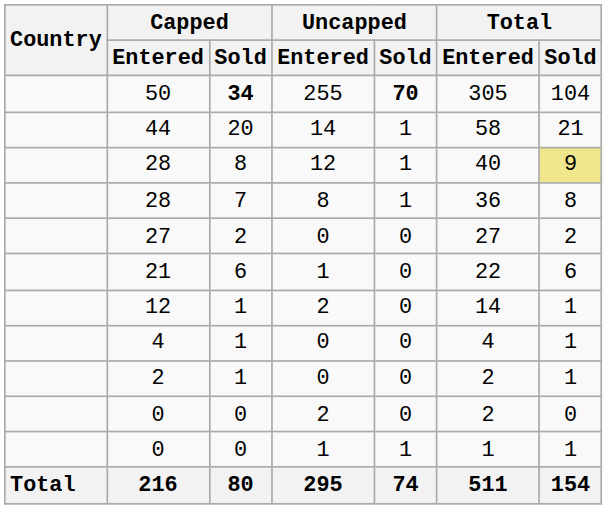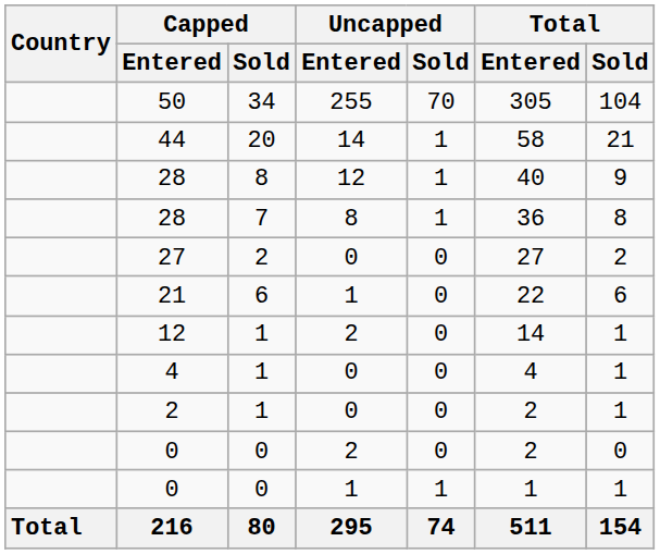 <table class="wikitable" style="text-align:center">
 <tr>
 <th rowspan="2">Country</th>
 <th colspan="2">Capped</th>
 <th colspan="2">Uncapped</th>
 <th colspan="2">Total</th>
 </tr>
 <tr>
 <th>Entered</th>
 <th>Sold</th>
 <th>Entered</th>
 <th>Sold</th>
 <th>Entered</th>
 <th>Sold</th>
 </tr>
 <tr>
 <td style="text-align:left"></td>
 <td>50</td>
-<td><strong>34</strong></td>
+<td>34</td>
 <td>255</td>
-<td><strong>70</strong></td>
+<td>70</td>
 <td>305</td>
 <td>104</td>
 </tr>
 <tr>
 <td style="text-align:left"></td>
 <td>44</td>
 <td>20</td>
 <td>14</td>
 <td>1</td>
 <td>58</td>
 <td>21</td>
 </tr>
 <tr>
 <td style="text-align:left"></td>
 <td>28</td>
 <td>8</td>
 <td>12</td>
 <td>1</td>
 <td>40</td>
-<td style="background: khaki;">9</td>
+<td>9</td>
 </tr>
 <tr>
 <td style="text-align:left"></td>
 <td>28</td>
 <td>7</td>
 <td>8</td>
 <td>1</td>
 <td>36</td>
 <td>8</td>
 </tr>
 <tr>
 <td style="text-align:left"></td>
 <td>27</td>
 <td>2</td>
 <td>0</td>
 <td>0</td>
 <td>27</td>
 <td>2</td>
 </tr>
 <tr>
 <td style="text-align:left"></td>
 <td>21</td>
 <td>6</td>
 <td>1</td>
 <td>0</td>
 <td>22</td>
 <td>6</td>
 </tr>
 <tr>
 <td style="text-align:left"></td>
 <td>12</td>
 <td>1</td>
 <td>2</td>
 <td>0</td>
 <td>14</td>
 <td>1</td>
 </tr>
 <tr>
 <td style="text-align:left"></td>
 <td>4</td>
 <td>1</td>
 <td>0</td>
 <td>0</td>
 <td>4</td>
 <td>1</td>
 </tr>
 <tr>
 <td style="text-align:left"></td>
 <td>2</td>
 <td>1</td>
 <td>0</td>
 <td>0</td>
 <td>2</td>
 <td>1</td>
 </tr>
 <tr>
 <td style="text-align:left"></td>
 <td>0</td>
 <td>0</td>
 <td>2</td>
 <td>0</td>
 <td>2</td>
 <td>0</td>
 </tr>
 <tr>
 <td style="text-align:left"></td>
 <td>0</td>
 <td>0</td>
 <td>1</td>
 <td>1</td>
 <td>1</td>
 <td>1</td>
 </tr>
 <tr>
 <th style="text-align:left">Total</th>
 <th>216</th>
 <th>80</th>
 <th>295</th>
 <th>74</th>
 <th>511</th>
 <th>154</th>
 </tr>
 </table>
